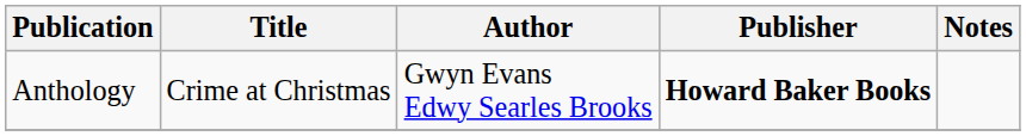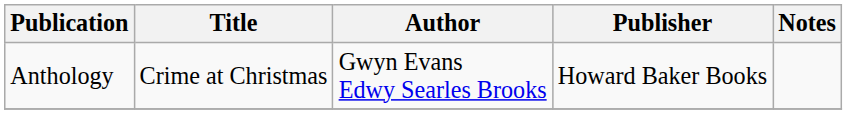 <table class="wikitable">
 <tr>
 <th>Publication</th>
 <th>Title</th>
 <th>Author</th>
 <th>Publisher</th>
 <th>Notes</th>
 </tr>
 <tr>
 <td>Anthology</td>
 <td>Crime at Christmas</td>
 <td>Gwyn Evans<br><a href='#'>Edwy Searles Brooks</a></td>
-<td><strong>Howard Baker Books</strong></td>
+<td>Howard Baker Books</td>
 <td></td>
 </tr>
 <tr>
 </tr>
 </table>
